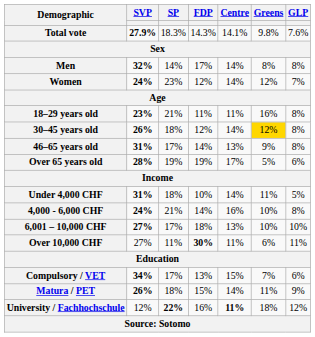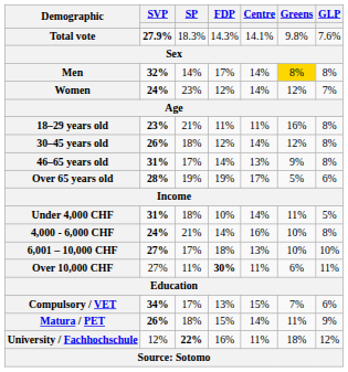 <table class="wikitable" style="font-size:90%; text-align:center">
 <tr>
 <th rowspan=2>Demographic</th>
 <th><a href='#'>SVP</a></th>
 <th><a href='#'>SP</a></th>
 <th><a href='#'>FDP</a></th>
 <th><a href='#'>Centre</a></th>
 <th><a href='#'>Greens</a></th>
 <th><a href='#'>GLP</a></th>
 </tr>
 <tr>
 <th style="background:"></th>
 <th style="background:"></th>
 <th style="background:"></th>
 <th style="background:"></th>
 <th style="background:"></th>
 <th style="background:"></th>
 </tr>
 <tr>
 <th>Total vote</th>
 <td style="background:#"><strong>27.9%</strong></td>
 <td>18.3%</td>
 <td>14.3%</td>
 <td>14.1%</td>
 <td>9.8%</td>
 <td>7.6%</td>
 </tr>
 <tr>
 <th colspan=7>Sex</th>
 </tr>
 <tr>
 <th>Men</th>
 <td style="background:#"><strong>32%</strong></td>
 <td>14%</td>
 <td>17%</td>
 <td>14%</td>
-<td>8%</td>
+<td style="background: gold;">8%</td>
 <td>8%</td>
 </tr>
 <tr>
 <th>Women</th>
 <td style="background:#"><strong>24%</strong></td>
 <td>23%</td>
 <td>12%</td>
 <td>14%</td>
 <td>12%</td>
 <td>7%</td>
 </tr>
 <tr>
 <th colspan=7>Age</th>
 </tr>
 <tr>
 <th>18–29 years old</th>
 <td style="background:#"><strong>23%</strong></td>
 <td>21%</td>
 <td>11%</td>
 <td>11%</td>
 <td>16%</td>
 <td>8%</td>
 </tr>
 <tr>
 <th>30–45 years old</th>
 <td style="background:#"><strong>26%</strong></td>
 <td>18%</td>
 <td>12%</td>
 <td>14%</td>
-<td style="background: gold;">12%</td>
+<td>12%</td>
 <td>8%</td>
 </tr>
 <tr>
 <th>46–65 years old</th>
 <td style="background:#"><strong>31%</strong></td>
 <td>17%</td>
 <td>14%</td>
 <td>13%</td>
 <td>9%</td>
 <td>8%</td>
 </tr>
 <tr>
 <th>Over 65 years old</th>
 <td style="background:#"><strong>28%</strong></td>
 <td>19%</td>
 <td>19%</td>
 <td>17%</td>
 <td>5%</td>
 <td>6%</td>
 </tr>
 <tr>
 <th colspan=7>Income</th>
 </tr>
 <tr>
 <th>Under 4,000 CHF</th>
 <td style="background:#"><strong>31%</strong></td>
 <td>18%</td>
 <td>10%</td>
 <td>14%</td>
 <td>11%</td>
 <td>5%</td>
 </tr>
 <tr>
 <th>4,000 - 6,000 CHF</th>
 <td style="background:#"><strong>24%</strong></td>
 <td>21%</td>
 <td>14%</td>
 <td>16%</td>
 <td>10%</td>
 <td>8%</td>
 </tr>
 <tr>
 <th>6,001 – 10,000 CHF</th>
 <td style="background:#"><strong>27%</strong></td>
 <td>17%</td>
 <td>18%</td>
 <td>13%</td>
 <td>10%</td>
 <td>10%</td>
 </tr>
 <tr>
 <th>Over 10,000 CHF</th>
 <td>27%</td>
 <td>11%</td>
 <td style="background:#"><strong>30%</strong></td>
 <td>11%</td>
 <td>6%</td>
 <td>11%</td>
 </tr>
 <tr>
 <th colspan=7>Education</th>
 </tr>
 <tr>
 <th>Compulsory / <a href='#'>VET</a></th>
 <td style="background:#"><strong>34%</strong></td>
 <td>17%</td>
 <td>13%</td>
 <td>15%</td>
 <td>7%</td>
 <td>6%</td>
 </tr>
 <tr>
 <th><a href='#'>Matura</a> / <a href='#'>PET</a></th>
 <td style="background:#"><strong>26%</strong></td>
 <td>18%</td>
 <td>15%</td>
 <td>14%</td>
 <td>11%</td>
 <td>9%</td>
 </tr>
 <tr>
 <th>University / <a href='#'>Fachhochschule</a></th>
 <td>12%</td>
 <td style="background:#"><strong>22%</strong></td>
 <td>16%</td>
-<td><strong>11%</strong></td>
+<td>11%</td>
 <td>18%</td>
 <td>12%</td>
 </tr>
 <tr>
 <th colspan=11>Source: Sotomo</th>
 </tr>
 </table>
